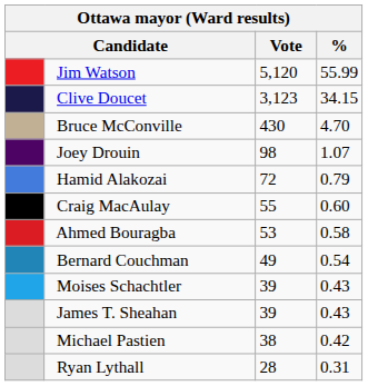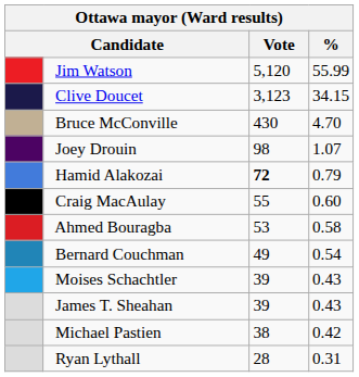 <table class="wikitable">
 <tr>
 <th colspan="4">Ottawa mayor (Ward results)</th>
 </tr>
 <tr>
 <th bgcolor="#DDDDFF" width="230px" colspan="2">Candidate</th>
 <th bgcolor="#DDDDFF" width="50px">Vote</th>
 <th bgcolor="#DDDDFF" width="30px">%</th>
 </tr>
 <tr>
 <td bgcolor=#ED1D24 width="30px"> </td>
 <td>  <a href='#'>Jim Watson</a></td>
 <td>5,120</td>
 <td>55.99</td>
 </tr>
 <tr>
 <td bgcolor=#1B194A width="30px"> </td>
 <td>  <a href='#'>Clive Doucet</a></td>
 <td>3,123</td>
 <td>34.15</td>
 </tr>
 <tr>
 <td bgcolor=#C1B094 width="30px"> </td>
 <td>  Bruce McConville</td>
 <td>430</td>
 <td>4.70</td>
 </tr>
 <tr>
 <td bgcolor=#4C0363 width="30px"> </td>
 <td>  Joey Drouin</td>
 <td>98</td>
 <td>1.07</td>
 </tr>
 <tr>
 <td bgcolor=#427BDB width="30px"> </td>
 <td>  Hamid Alakozai</td>
-<td>72</td>
+<td><strong>72</strong></td>
 <td>0.79</td>
 </tr>
 <tr>
 <td bgcolor=#000000 width="30px"> </td>
 <td>  Craig MacAulay</td>
 <td>55</td>
 <td>0.60</td>
 </tr>
 <tr>
 <td bgcolor=#DB1D23 width="30px"> </td>
 <td>  Ahmed Bouragba</td>
 <td>53</td>
 <td>0.58</td>
 </tr>
 <tr>
 <td bgcolor=#2185B7 width="30px"> </td>
 <td>  Bernard Couchman</td>
 <td>49</td>
 <td>0.54</td>
 </tr>
 <tr>
 <td bgcolor=#20A6E8 width="30px"> </td>
 <td>  Moises Schachtler</td>
 <td>39</td>
 <td>0.43</td>
 </tr>
 <tr>
 <td bgcolor=#DCDCDC width="30px"> </td>
 <td>  James T. Sheahan</td>
 <td>39</td>
 <td>0.43</td>
 </tr>
 <tr>
 <td bgcolor=#DCDCDC width="30px"> </td>
 <td>  Michael Pastien</td>
 <td>38</td>
 <td>0.42</td>
 </tr>
 <tr>
 <td bgcolor=#DCDCDC width="30px"> </td>
 <td>  Ryan Lythall</td>
 <td>28</td>
 <td>0.31</td>
 </tr>
 </table>
